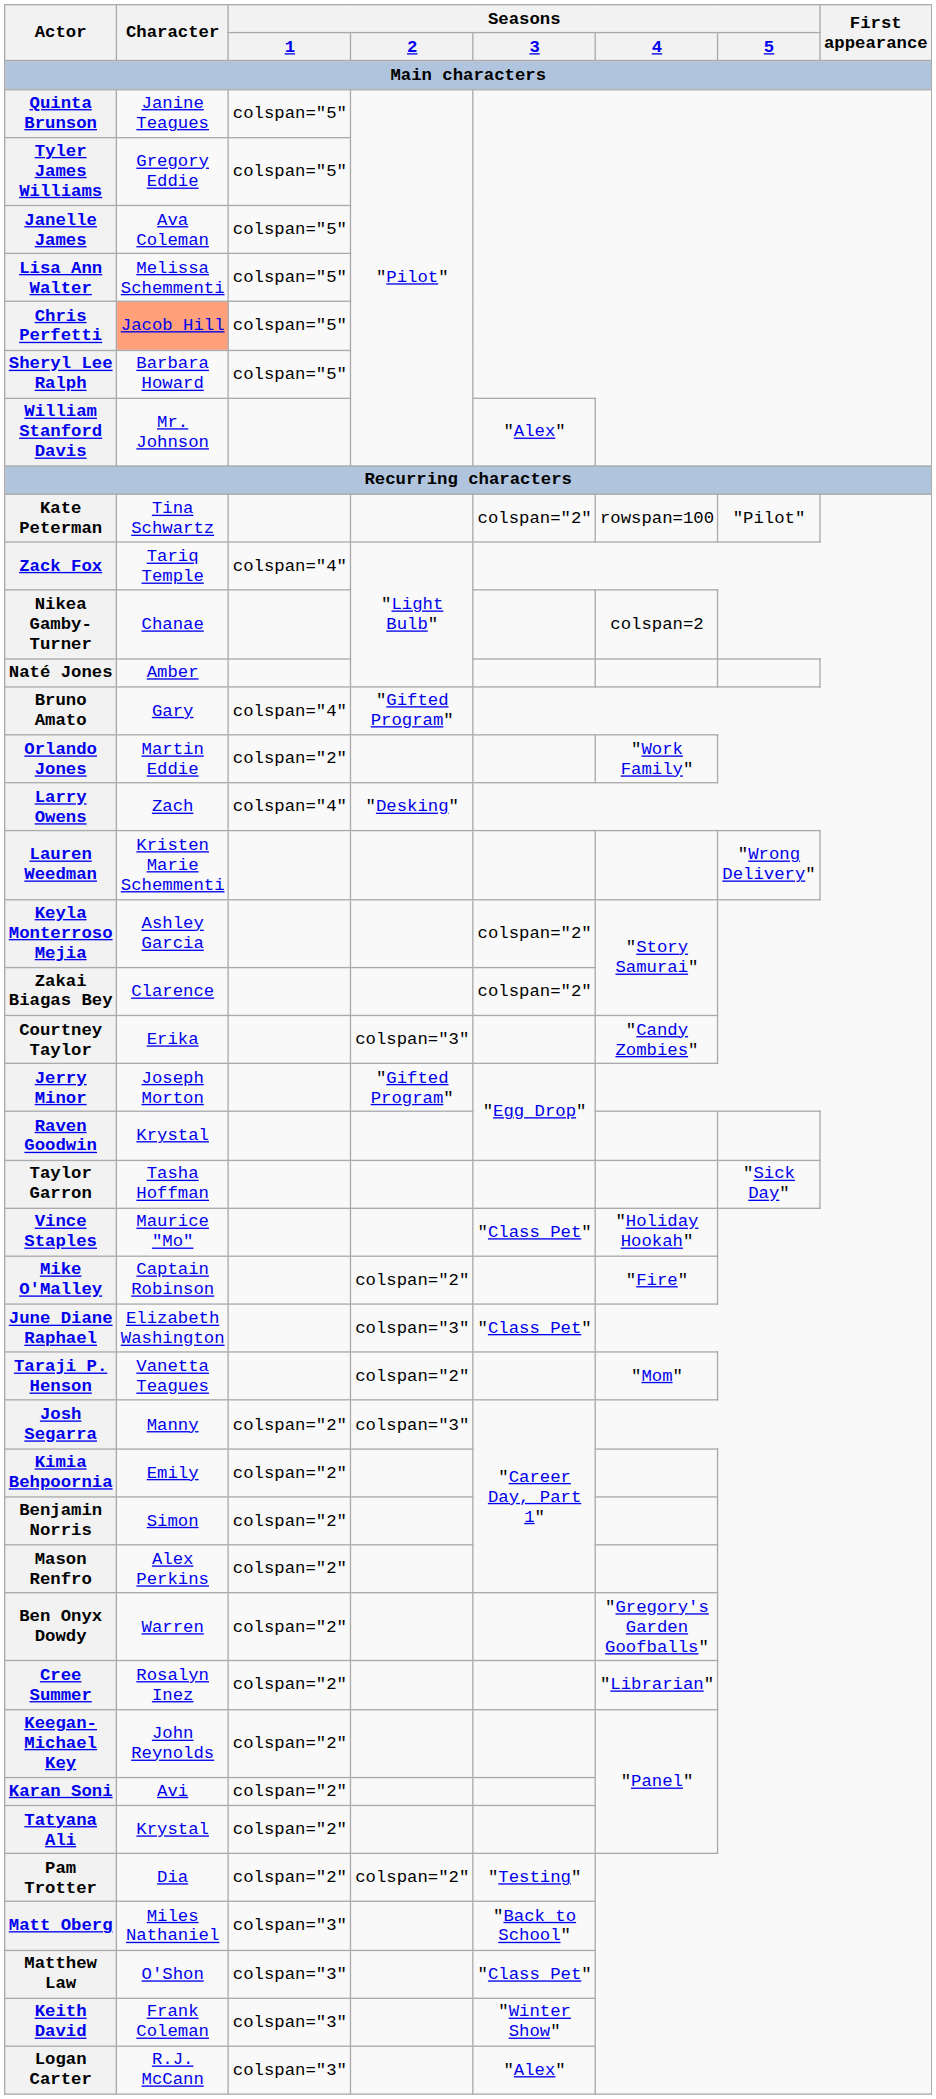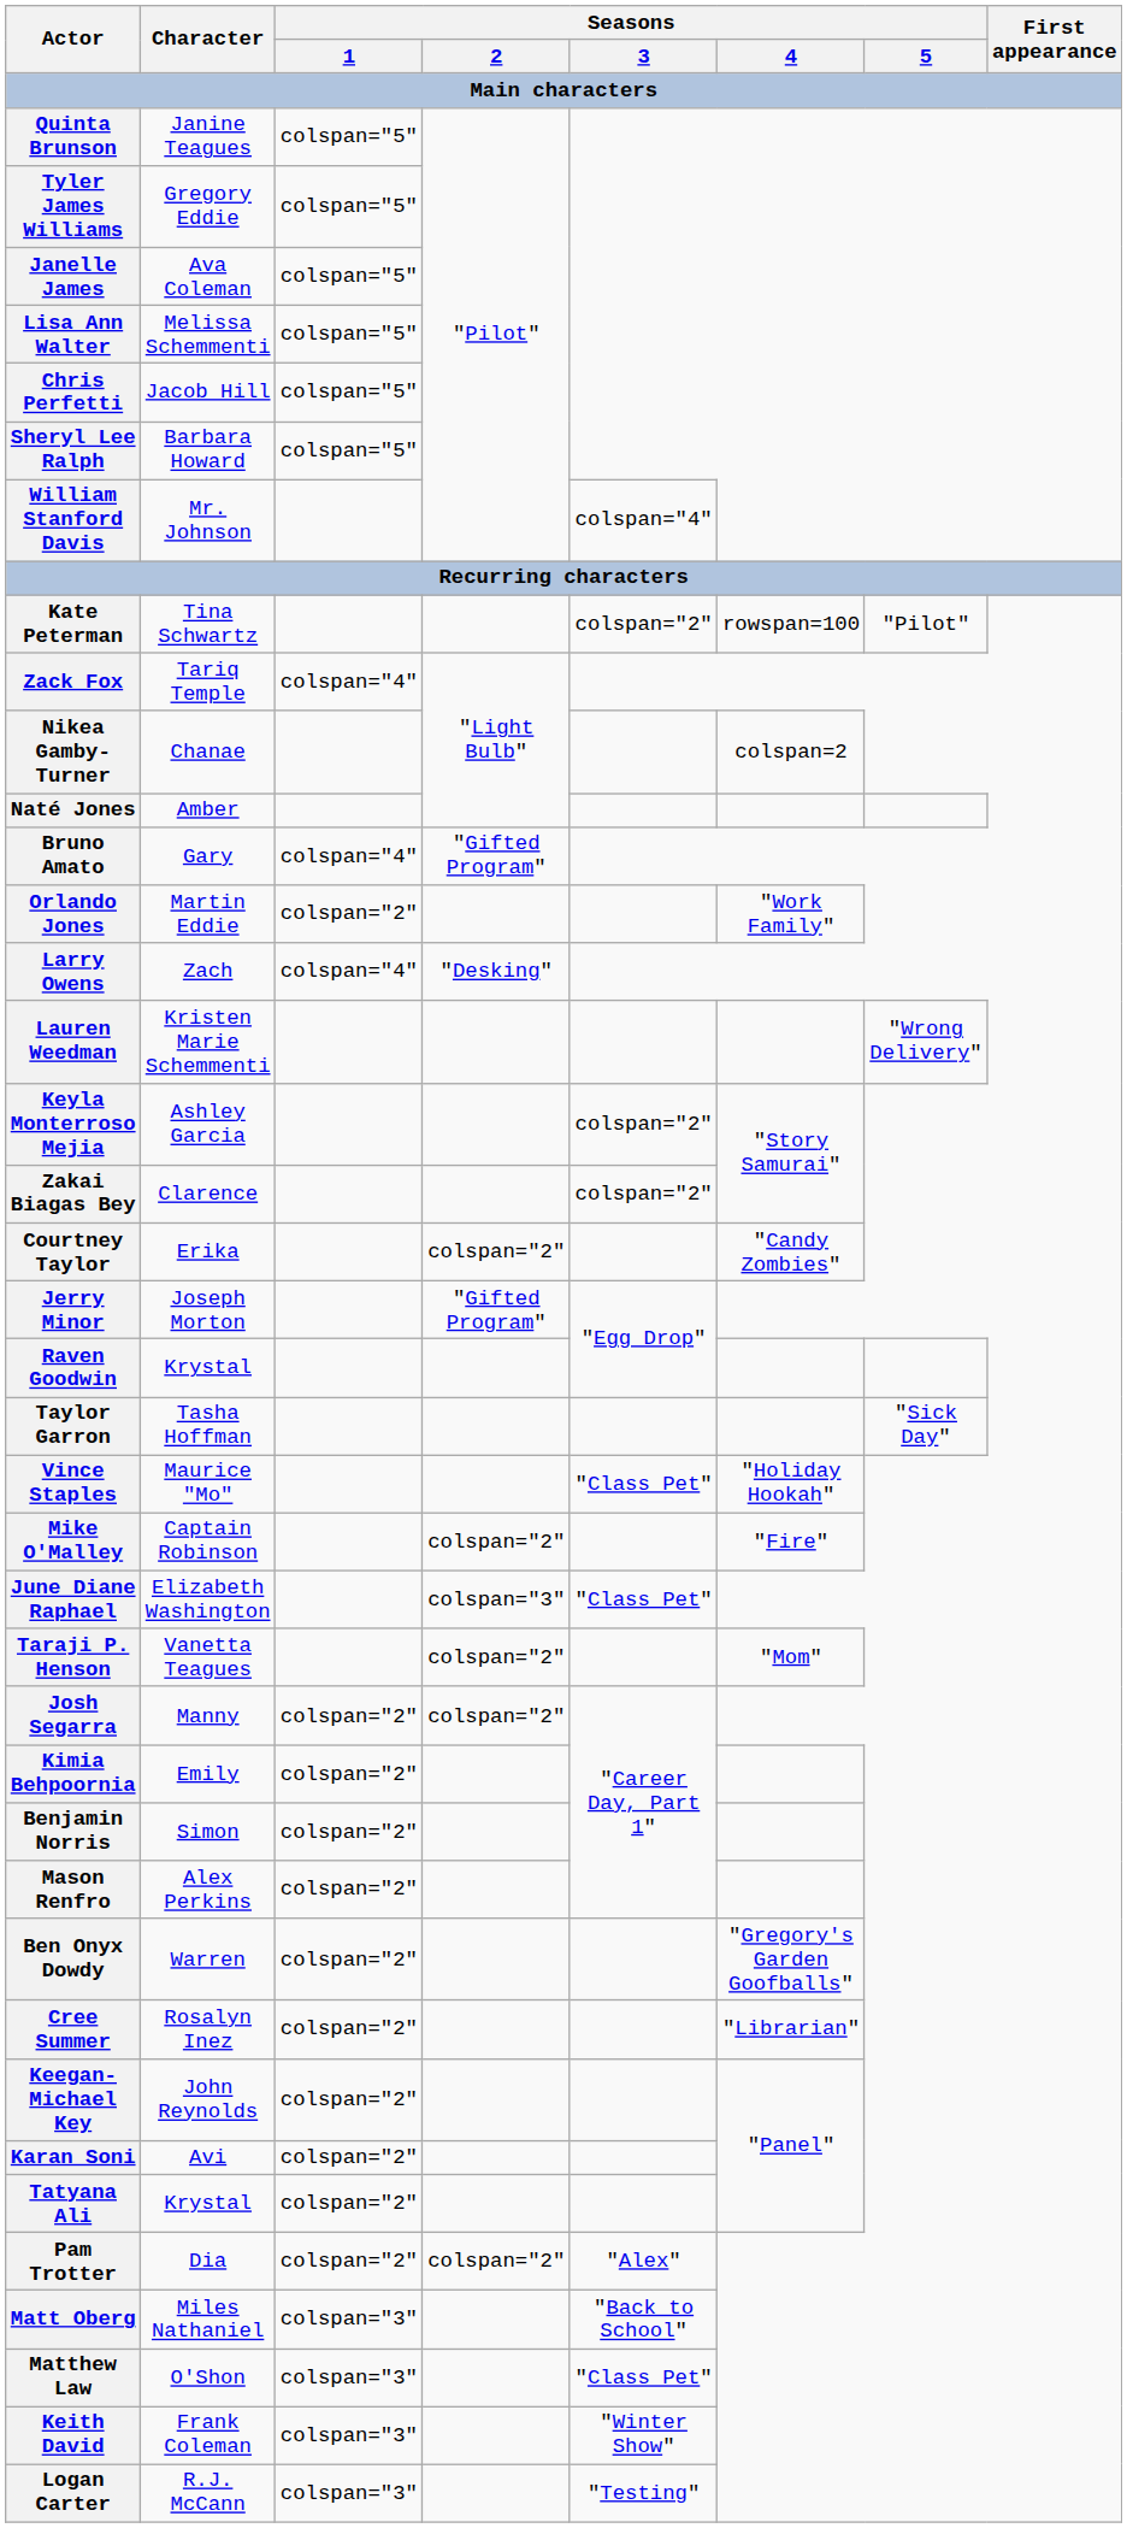 <table class="wikitable plainrowheaders" style="text-align:center; width: 70%;">
 <tr>
 <th scope="col" rowspan="2">Actor</th>
 <th scope="col" rowspan="2">Character</th>
 <th scope="col" colspan="5">Seasons</th>
 <th scope="col" rowspan="2">First appearance</th>
 </tr>
 <tr>
 <th style="width:5%;"><a href='#'>1</a></th>
 <th style="width:5%;"><a href='#'>2</a></th>
 <th style="width:5%;"><a href='#'>3</a></th>
 <th style="width:5%;"><a href='#'>4</a></th>
 <th style="width:5%;"><a href='#'>5</a></th>
 </tr>
 <tr>
 <th colspan="9" style="background: LightSteelBlue;">Main characters</th>
 </tr>
 <tr>
 <th scope="row"><a href='#'>Quinta Brunson</a></th>
 <td><a href='#'>Janine Teagues</a></td>
 <td>colspan="5" </td>
 <td rowspan="7">"<a href='#'>Pilot</a>"</td>
 </tr>
 <tr>
 <th scope="row"><a href='#'>Tyler James Williams</a></th>
 <td><a href='#'>Gregory Eddie</a></td>
 <td>colspan="5" </td>
 </tr>
 <tr>
 <th scope="row"><a href='#'>Janelle James</a></th>
 <td><a href='#'>Ava Coleman</a></td>
 <td>colspan="5" </td>
 </tr>
 <tr>
 <th scope="row"><a href='#'>Lisa Ann Walter</a></th>
 <td><a href='#'>Melissa Schemmenti</a></td>
 <td>colspan="5" </td>
 </tr>
 <tr>
 <th scope="row"><a href='#'>Chris Perfetti</a></th>
-<td style="background: lightsalmon;"><a href='#'>Jacob Hill</a></td>
+<td><a href='#'>Jacob Hill</a></td>
 <td>colspan="5" </td>
 </tr>
 <tr>
 <th scope="row"><a href='#'>Sheryl Lee Ralph</a></th>
 <td><a href='#'>Barbara Howard</a></td>
 <td>colspan="5" </td>
 </tr>
 <tr>
 <th scope="row"><a href='#'>William Stanford Davis</a></th>
 <td><a href='#'>Mr. Johnson</a></td>
 <td></td>
-<td>"<a href='#'>Alex</a>"</td>
+<td>colspan="4" </td>
 </tr>
 <tr>
 <th colspan="8" style="background: LightSteelBlue;">Recurring characters</th>
 </tr>
 <tr>
 <th scope="row">Kate Peterman</th>
 <td><a href='#'>Tina Schwartz</a></td>
 <td></td>
 <td></td>
 <td>colspan="2" </td>
 <td>rowspan=100 </td>
 <td>"Pilot"</td>
 </tr>
 <tr>
 <th scope="row"><a href='#'>Zack Fox</a></th>
 <td><a href='#'>Tariq Temple</a></td>
 <td>colspan="4" </td>
 <td rowspan="3">"<a href='#'>Light Bulb</a>"</td>
 </tr>
 <tr>
 <th scope="row">Nikea Gamby-Turner</th>
 <td><a href='#'>Chanae</a></td>
 <td></td>
 <td></td>
 <td>colspan=2 </td>
 </tr>
 <tr>
 <th scope="row">Naté Jones</th>
 <td><a href='#'>Amber</a></td>
 <td></td>
 <td></td>
 <td></td>
 <td></td>
 </tr>
 <tr>
 <th scope="row">Bruno Amato</th>
 <td><a href='#'>Gary</a></td>
 <td>colspan="4" </td>
 <td>"<a href='#'>Gifted Program</a>"</td>
 </tr>
 <tr>
 <th scope="row"><a href='#'>Orlando Jones</a></th>
 <td><a href='#'>Martin Eddie</a></td>
 <td>colspan="2" </td>
 <td></td>
 <td></td>
 <td>"<a href='#'>Work Family</a>"</td>
 </tr>
 <tr>
 <th scope="row"><a href='#'>Larry Owens</a></th>
 <td><a href='#'>Zach</a></td>
 <td>colspan="4" </td>
 <td>"<a href='#'>Desking</a>"</td>
 </tr>
 <tr>
 <th scope="row"><a href='#'>Lauren Weedman</a></th>
 <td><a href='#'>Kristen Marie Schemmenti</a></td>
 <td></td>
 <td></td>
 <td></td>
 <td></td>
 <td>"<a href='#'>Wrong Delivery</a>"</td>
 </tr>
 <tr>
 <th scope="row"><a href='#'>Keyla Monterroso Mejia</a></th>
 <td><a href='#'>Ashley Garcia</a></td>
 <td></td>
 <td></td>
 <td>colspan="2" </td>
 <td rowspan="2">"<a href='#'>Story Samurai</a>"</td>
 </tr>
 <tr>
 <th scope="row">Zakai Biagas Bey</th>
 <td><a href='#'>Clarence</a></td>
 <td></td>
 <td></td>
 <td>colspan="2" </td>
 </tr>
 <tr>
 <th scope="row">Courtney Taylor</th>
 <td><a href='#'>Erika</a></td>
 <td></td>
-<td>colspan="3" </td>
+<td>colspan="2" </td>
 <td></td>
 <td>"<a href='#'>Candy Zombies</a>"</td>
 </tr>
 <tr>
 <th scope="row"><a href='#'>Jerry Minor</a></th>
 <td><a href='#'>Joseph Morton</a></td>
 <td></td>
 <td>"<a href='#'>Gifted Program</a>"</td>
 <td rowspan="2">"<a href='#'>Egg Drop</a>"</td>
 </tr>
 <tr>
 <th scope="row"><a href='#'>Raven Goodwin</a></th>
 <td><a href='#'>Krystal</a></td>
 <td></td>
 <td></td>
 <td></td>
 <td></td>
 </tr>
 <tr>
 <th scope="row">Taylor Garron</th>
 <td><a href='#'>Tasha Hoffman</a></td>
 <td></td>
 <td></td>
 <td></td>
 <td></td>
 <td>"<a href='#'>Sick Day</a>"</td>
 </tr>
 <tr>
 <th scope="row"><a href='#'>Vince Staples</a></th>
 <td><a href='#'>Maurice "Mo"</a></td>
 <td></td>
 <td></td>
 <td>"<a href='#'>Class Pet</a>"</td>
 <td>"<a href='#'>Holiday Hookah</a>"</td>
 </tr>
 <tr>
 <th scope="row"><a href='#'>Mike O'Malley</a></th>
 <td><a href='#'>Captain Robinson</a></td>
 <td></td>
 <td>colspan="2" </td>
 <td></td>
 <td>"<a href='#'>Fire</a>"</td>
 </tr>
 <tr>
 <th scope="row"><a href='#'>June Diane Raphael</a></th>
 <td><a href='#'>Elizabeth Washington</a></td>
 <td></td>
 <td>colspan="3" </td>
 <td>"<a href='#'>Class Pet</a>"</td>
 </tr>
 <tr>
 <th scope="row"><a href='#'>Taraji P. Henson</a></th>
 <td><a href='#'>Vanetta Teagues</a></td>
 <td></td>
 <td>colspan="2" </td>
 <td></td>
 <td>"<a href='#'>Mom</a>"</td>
 </tr>
 <tr>
 <th scope="row"><a href='#'>Josh Segarra</a></th>
 <td><a href='#'>Manny</a></td>
 <td>colspan="2" </td>
-<td>colspan="3" </td>
+<td>colspan="2" </td>
 <td rowspan="4">"<a href='#'>Career Day, Part 1</a>"</td>
 </tr>
 <tr>
 <th scope="row"><a href='#'>Kimia Behpoornia</a></th>
 <td><a href='#'>Emily</a></td>
 <td>colspan="2" </td>
 <td></td>
 <td></td>
 </tr>
 <tr>
 <th scope="row">Benjamin Norris</th>
 <td><a href='#'>Simon</a></td>
 <td>colspan="2" </td>
 <td></td>
 <td></td>
 </tr>
 <tr>
 <th scope="row">Mason Renfro</th>
 <td><a href='#'>Alex Perkins</a></td>
 <td>colspan="2" </td>
 <td></td>
 <td></td>
 </tr>
 <tr>
 <th scope="row">Ben Onyx Dowdy</th>
 <td><a href='#'>Warren</a></td>
 <td>colspan="2" </td>
 <td></td>
 <td></td>
 <td>"<a href='#'>Gregory's Garden Goofballs</a>"</td>
 </tr>
 <tr>
 <th scope="row"><a href='#'>Cree Summer</a></th>
 <td><a href='#'>Rosalyn Inez</a></td>
 <td>colspan="2" </td>
 <td></td>
 <td></td>
 <td>"<a href='#'>Librarian</a>"</td>
 </tr>
 <tr>
 <th scope="row"><a href='#'>Keegan-Michael Key</a></th>
 <td><a href='#'>John Reynolds</a></td>
 <td>colspan="2" </td>
 <td></td>
 <td></td>
 <td rowspan="3">"<a href='#'>Panel</a>"</td>
 </tr>
 <tr>
 <th scope="row"><a href='#'>Karan Soni</a></th>
 <td><a href='#'>Avi</a></td>
 <td>colspan="2" </td>
 <td></td>
 <td></td>
 </tr>
 <tr>
 <th scope="row"><a href='#'>Tatyana Ali</a></th>
 <td><a href='#'>Krystal</a></td>
 <td>colspan="2" </td>
 <td></td>
 <td></td>
 </tr>
 <tr>
 <th scope="row">Pam Trotter</th>
 <td><a href='#'>Dia</a></td>
 <td>colspan="2" </td>
 <td>colspan="2" </td>
-<td>"<a href='#'>Testing</a>"</td>
+<td>"<a href='#'>Alex</a>"</td>
 </tr>
 <tr>
 <th scope="row"><a href='#'>Matt Oberg</a></th>
 <td><a href='#'>Miles Nathaniel</a></td>
 <td>colspan="3" </td>
 <td></td>
 <td>"<a href='#'>Back to School</a>"</td>
 </tr>
 <tr>
 <th scope="row">Matthew Law</th>
 <td><a href='#'>O'Shon</a></td>
 <td>colspan="3" </td>
 <td></td>
 <td>"<a href='#'>Class Pet</a>"</td>
 </tr>
 <tr>
 <th scope="row"><a href='#'>Keith David</a></th>
 <td><a href='#'>Frank Coleman</a></td>
 <td>colspan="3" </td>
 <td></td>
 <td>"<a href='#'>Winter Show</a>"</td>
 </tr>
 <tr>
 <th scope="row">Logan Carter</th>
 <td><a href='#'>R.J. McCann</a></td>
 <td>colspan="3" </td>
 <td></td>
-<td>"<a href='#'>Alex</a>"</td>
+<td>"<a href='#'>Testing</a>"</td>
 </tr>
 </table>
